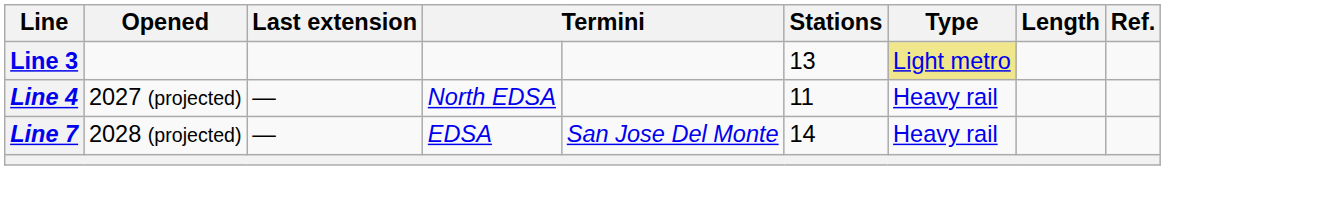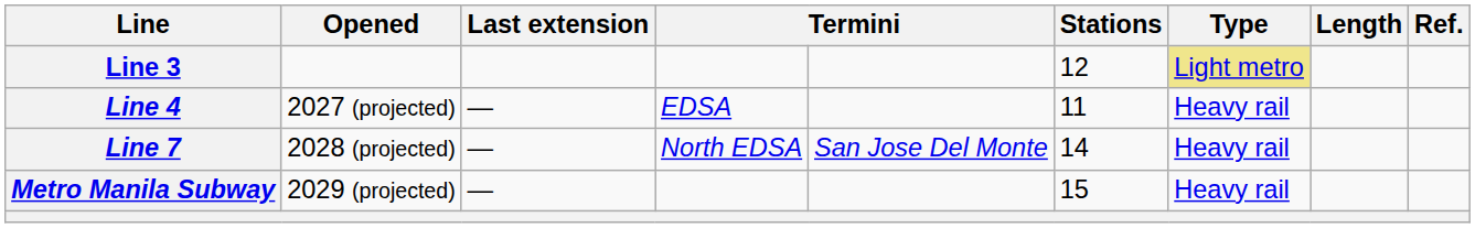 <table class="wikitable sortable">
 <tr>
 <th>Line</th>
 <th>Opened</th>
 <th>Last extension</th>
 <th colspan="2">Termini</th>
 <th>Stations</th>
 <th>Type</th>
 <th>Length</th>
 <th>Ref.</th>
 </tr>
 <tr>
 <th style="background-color:#"><a href='#'><span>Line 3</span></a></th>
 <td></td>
 <td></td>
 <td></td>
 <td></td>
-<td>13</td>
+<td>12</td>
 <td style="background: khaki;"><a href='#'>Light metro</a></td>
 <td></td>
 <td></td>
 </tr>
 <tr>
 <th style="background-color:#"><em><a href='#'><span>Line 4</span></a><span></span></em></th>
 <td>2027 <small>(projected)</small></td>
 <td>—</td>
-<td><em><a href='#'>North EDSA</a></em></td>
+<td><em><a href='#'>EDSA</a></em></td>
 <td><em></em></td>
 <td>11</td>
 <td><a href='#'>Heavy rail</a></td>
 <td></td>
 <td></td>
 </tr>
 <tr>
 <th style="background-color:#"><em><a href='#'><span>Line 7</span></a><span></span></em></th>
 <td>2028 <small>(projected)</small></td>
 <td>—</td>
-<td><em><a href='#'>EDSA</a></em></td>
+<td><em><a href='#'>North EDSA</a></em></td>
 <td><a href='#'><em>San Jose Del Monte</em></a></td>
 <td>14</td>
+<td><a href='#'>Heavy rail</a></td>
+<td></td>
+<td></td>
+</tr>
+<tr>
+<th style="background-color:#"><em><a href='#'><span>Metro Manila Subway</span></a><span></span></em></th>
+<td>2029 <small>(projected)</small></td>
+<td>—</td>
+<td><em></em></td>
+<td><em></em></td>
+<td>15</td>
 <td><a href='#'>Heavy rail</a></td>
 <td></td>
 <td></td>
 </tr>
 <tr>
 <th colspan="9"></th>
 </tr>
 </table>
